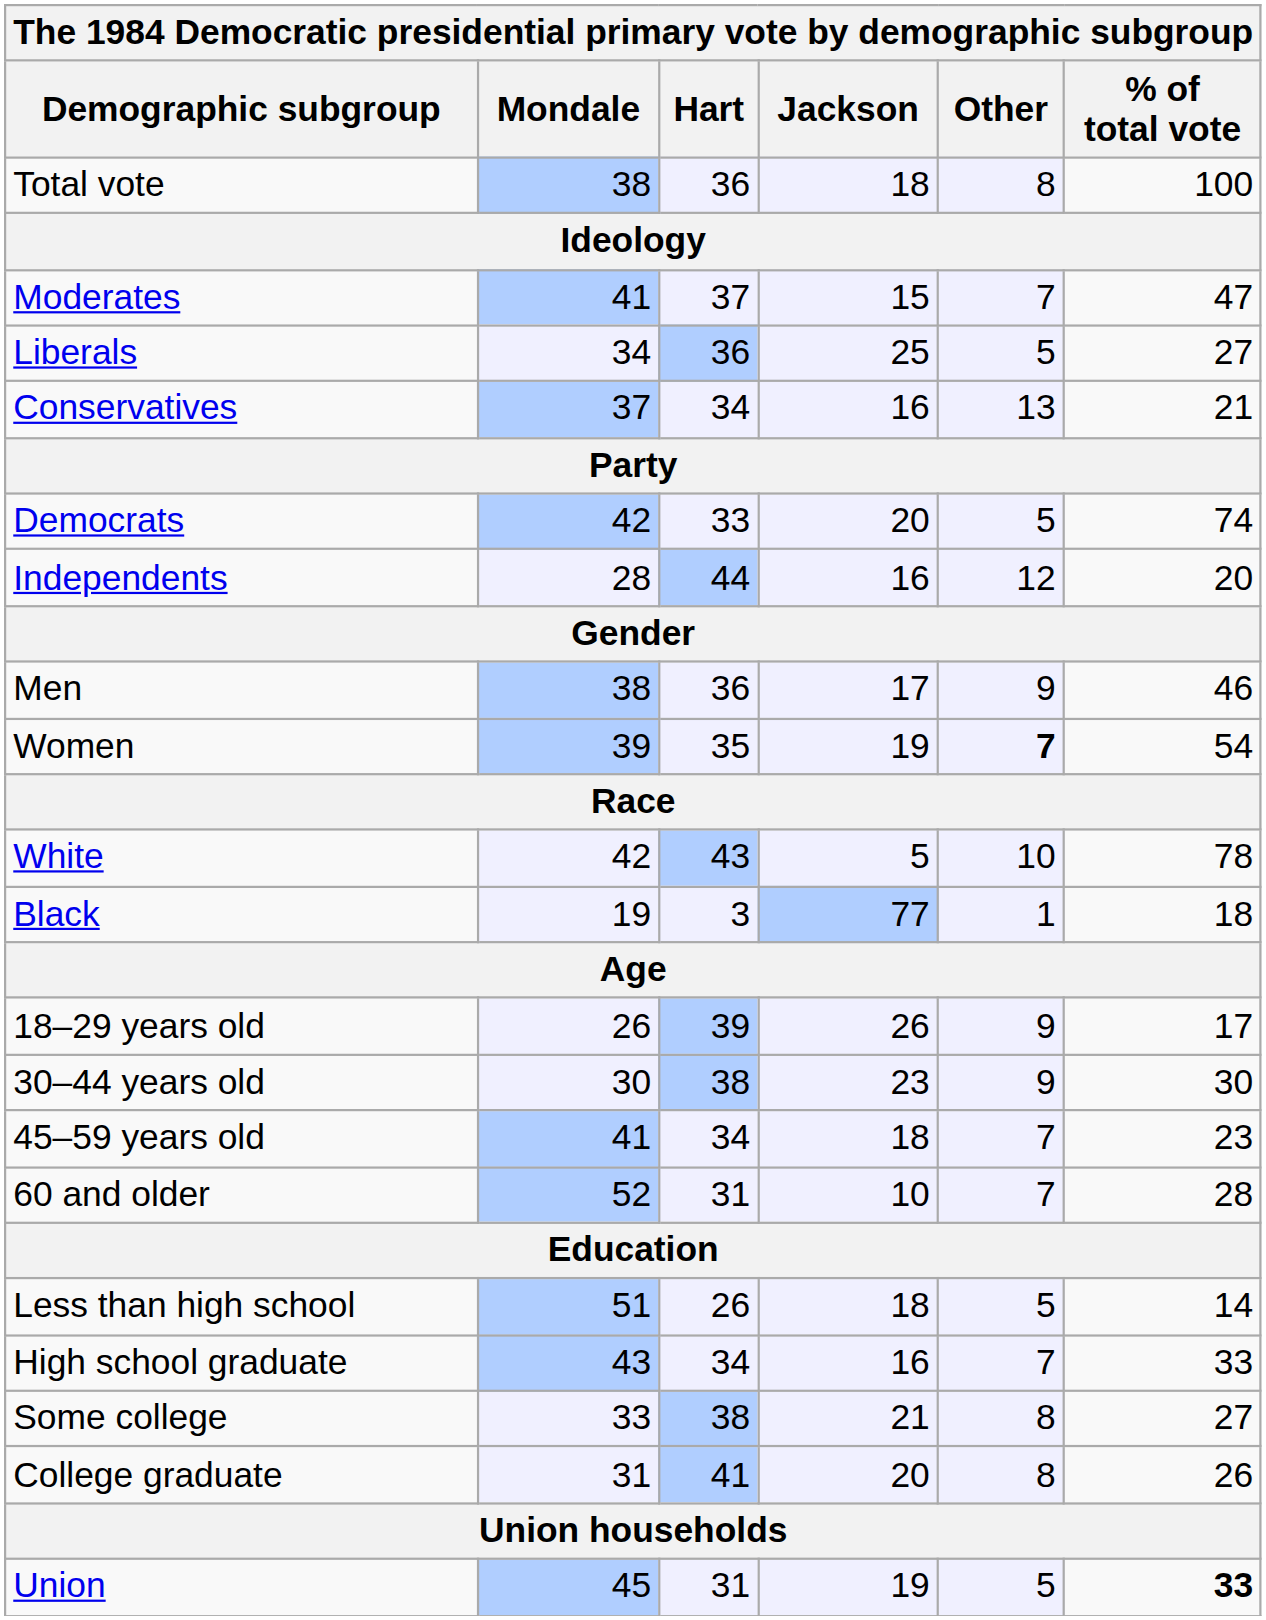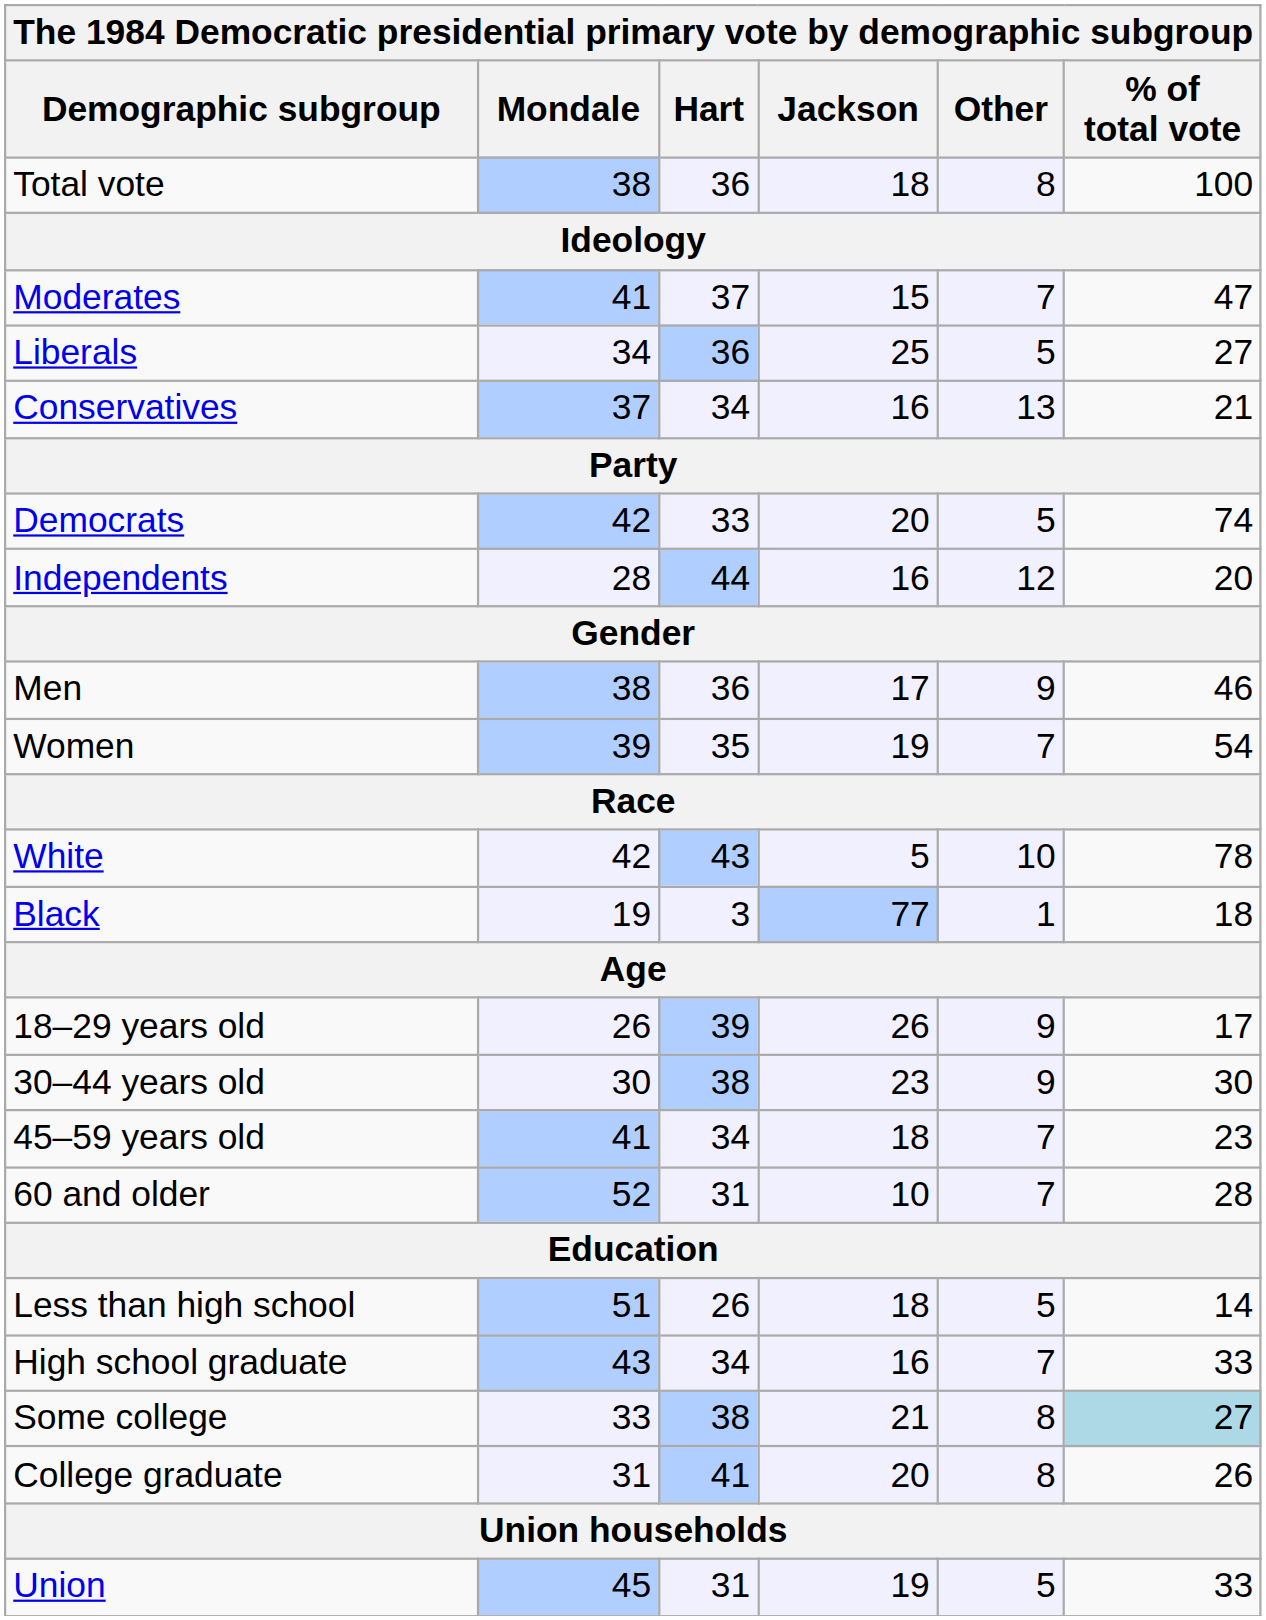 <table class=wikitable>
 <tr>
 <th colspan="7">The 1984 Democratic presidential primary vote by demographic subgroup</th>
 </tr>
 <tr>
 <th>Demographic subgroup</th>
 <th>Mondale</th>
 <th>Hart</th>
 <th>Jackson</th>
 <th>Other</th>
 <th>% of<br>total vote</th>
 </tr>
 <tr>
 <td>Total vote</td>
 <td style="text-align:right; background:#b0ceff;">38</td>
 <td style="text-align:right; background:#f0f0ff;">36</td>
 <td style="text-align:right; background:#f0f0ff;">18</td>
 <td style="text-align:right; background:#f0f0ff;">8</td>
 <td style="text-align:right;">100</td>
 </tr>
 <tr>
 <th colspan=6>Ideology</th>
 </tr>
 <tr>
 <td><a href='#'>Moderates</a></td>
 <td style="text-align:right; background:#b0ceff;">41</td>
 <td style="text-align:right; background:#f0f0ff;">37</td>
 <td style="text-align:right; background:#f0f0ff;">15</td>
 <td style="text-align:right; background:#f0f0ff;">7</td>
 <td style="text-align:right;">47</td>
 </tr>
 <tr>
 <td><a href='#'>Liberals</a></td>
 <td style="text-align:right; background:#f0f0ff;">34</td>
 <td style="text-align:right; background:#b0ceff;">36</td>
 <td style="text-align:right; background:#f0f0ff;">25</td>
 <td style="text-align:right; background:#f0f0ff;">5</td>
 <td style="text-align:right;">27</td>
 </tr>
 <tr>
 <td><a href='#'>Conservatives</a></td>
 <td style="text-align:right; background:#b0ceff;">37</td>
 <td style="text-align:right; background:#f0f0ff;">34</td>
 <td style="text-align:right; background:#f0f0ff;">16</td>
 <td style="text-align:right; background:#f0f0ff;">13</td>
 <td style="text-align:right;">21</td>
 </tr>
 <tr>
 <th colspan=6>Party</th>
 </tr>
 <tr>
 <td><a href='#'>Democrats</a></td>
 <td style="text-align:right; background:#b0ceff;">42</td>
 <td style="text-align:right; background:#f0f0ff;">33</td>
 <td style="text-align:right; background:#f0f0ff;">20</td>
 <td style="text-align:right; background:#f0f0ff;">5</td>
 <td style="text-align:right;">74</td>
 </tr>
 <tr>
 <td><a href='#'>Independents</a></td>
 <td style="text-align:right; background:#f0f0ff;">28</td>
 <td style="text-align:right; background:#b0ceff;">44</td>
 <td style="text-align:right; background:#f0f0ff;">16</td>
 <td style="text-align:right; background:#f0f0ff;">12</td>
 <td style="text-align:right;">20</td>
 </tr>
 <tr>
 <th colspan=6>Gender</th>
 </tr>
 <tr>
 <td>Men</td>
 <td style="text-align:right; background:#b0ceff;">38</td>
 <td style="text-align:right; background:#f0f0ff;">36</td>
 <td style="text-align:right; background:#f0f0ff;">17</td>
 <td style="text-align:right; background:#f0f0ff;">9</td>
 <td style="text-align:right;">46</td>
 </tr>
 <tr>
 <td>Women</td>
 <td style="text-align:right; background:#b0ceff;">39</td>
 <td style="text-align:right; background:#f0f0ff;">35</td>
 <td style="text-align:right; background:#f0f0ff;">19</td>
-<td style="text-align:right; background:#f0f0ff;"><strong>7</strong></td>
+<td style="text-align:right; background:#f0f0ff;">7</td>
 <td style="text-align:right;">54</td>
 </tr>
 <tr>
 <th colspan=6>Race</th>
 </tr>
 <tr>
 <td><a href='#'>White</a></td>
 <td style="text-align:right; background:#f0f0ff;">42</td>
 <td style="text-align:right; background:#b0ceff;">43</td>
 <td style="text-align:right; background:#f0f0ff;">5</td>
 <td style="text-align:right; background:#f0f0ff;">10</td>
 <td style="text-align:right;">78</td>
 </tr>
 <tr>
 <td><a href='#'>Black</a></td>
 <td style="text-align:right; background:#f0f0ff;">19</td>
 <td style="text-align:right; background:#f0f0ff;">3</td>
 <td style="text-align:right; background:#b0ceff;">77</td>
 <td style="text-align:right; background:#f0f0ff;">1</td>
 <td style="text-align:right;">18</td>
 </tr>
 <tr>
 <th colspan=6>Age</th>
 </tr>
 <tr>
 <td>18–29 years old</td>
 <td style="text-align:right; background:#f0f0ff;">26</td>
 <td style="text-align:right; background:#b0ceff;">39</td>
 <td style="text-align:right; background:#f0f0ff;">26</td>
 <td style="text-align:right; background:#f0f0ff;">9</td>
 <td style="text-align:right;">17</td>
 </tr>
 <tr>
 <td>30–44 years old</td>
 <td style="text-align:right; background:#f0f0ff;">30</td>
 <td style="text-align:right; background:#b0ceff;">38</td>
 <td style="text-align:right; background:#f0f0ff;">23</td>
 <td style="text-align:right; background:#f0f0ff;">9</td>
 <td style="text-align:right;">30</td>
 </tr>
 <tr>
 <td>45–59 years old</td>
 <td style="text-align:right; background:#b0ceff;">41</td>
 <td style="text-align:right; background:#f0f0ff;">34</td>
 <td style="text-align:right; background:#f0f0ff;">18</td>
 <td style="text-align:right; background:#f0f0ff;">7</td>
 <td style="text-align:right;">23</td>
 </tr>
 <tr>
 <td>60 and older</td>
 <td style="text-align:right; background:#b0ceff;">52</td>
 <td style="text-align:right; background:#f0f0ff;">31</td>
 <td style="text-align:right; background:#f0f0ff;">10</td>
 <td style="text-align:right; background:#f0f0ff;">7</td>
 <td style="text-align:right;">28</td>
 </tr>
 <tr>
 <th colspan=6>Education</th>
 </tr>
 <tr>
 <td>Less than high school</td>
 <td style="text-align:right; background:#b0ceff;">51</td>
 <td style="text-align:right; background:#f0f0ff;">26</td>
 <td style="text-align:right; background:#f0f0ff;">18</td>
 <td style="text-align:right; background:#f0f0ff;">5</td>
 <td style="text-align:right;">14</td>
 </tr>
 <tr>
 <td>High school graduate</td>
 <td style="text-align:right; background:#b0ceff;">43</td>
 <td style="text-align:right; background:#f0f0ff;">34</td>
 <td style="text-align:right; background:#f0f0ff;">16</td>
 <td style="text-align:right; background:#f0f0ff;">7</td>
 <td style="text-align:right;">33</td>
 </tr>
 <tr>
 <td>Some college</td>
 <td style="text-align:right; background:#f0f0ff;">33</td>
 <td style="text-align:right; background:#b0ceff;">38</td>
 <td style="text-align:right; background:#f0f0ff;">21</td>
 <td style="text-align:right; background:#f0f0ff;">8</td>
-<td style="text-align:right;">27</td>
+<td style="background: lightblue; text-align:right;">27</td>
 </tr>
 <tr>
 <td>College graduate</td>
 <td style="text-align:right; background:#f0f0ff;">31</td>
 <td style="text-align:right; background:#b0ceff;">41</td>
 <td style="text-align:right; background:#f0f0ff;">20</td>
 <td style="text-align:right; background:#f0f0ff;">8</td>
 <td style="text-align:right;">26</td>
 </tr>
 <tr>
 <th colspan=6>Union households</th>
 </tr>
 <tr>
 <td><a href='#'>Union</a></td>
 <td style="text-align:right; background:#b0ceff;">45</td>
 <td style="text-align:right; background:#f0f0ff;">31</td>
 <td style="text-align:right; background:#f0f0ff;">19</td>
 <td style="text-align:right; background:#f0f0ff;">5</td>
-<td style="text-align:right;"><strong>33</strong></td>
+<td style="text-align:right;">33</td>
 </tr>
 </table>
